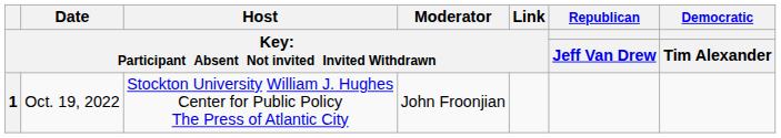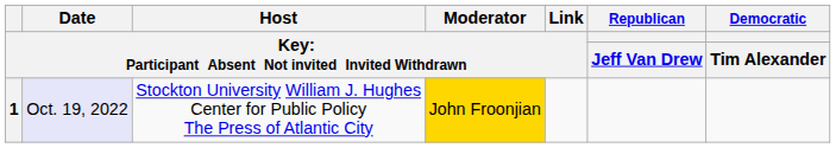 <table class="wikitable" style="text-align:center;">
 <tr>
 <th scope="col"></th>
 <th scope="col">Date</th>
 <th scope="col">Host</th>
 <th scope="col">Moderator</th>
 <th scope="col">Link</th>
 <th scope="col"><small><a href='#'>Republican</a></small></th>
 <th scope="col"><small><a href='#'>Democratic</a></small></th>
 </tr>
 <tr>
 <th colspan="5" rowspan="2">Key:<br> <small>Participant </small>  <small>Absent </small>  <small>Not invited </small>  <small>Invited  Withdrawn</small></th>
 <th scope="col" style="background:"></th>
 <th scope="col" style="background:"></th>
 </tr>
 <tr>
 <th scope="col"><a href='#'>Jeff Van Drew</a></th>
 <th scope="col">Tim Alexander</th>
 </tr>
 <tr>
 <th>1</th>
-<td style="white-space:nowrap;">Oct. 19, 2022</td>
+<td style="background: lavender; white-space:nowrap;">Oct. 19, 2022</td>
 <td style="white-space:nowrap;"><a href='#'>Stockton University</a> <a href='#'>William J. Hughes</a><br>Center for Public Policy<br><a href='#'>The Press of Atlantic City</a></td>
-<td style="white-space:nowrap;">John Froonjian</td>
+<td style="background: gold; white-space:nowrap;">John Froonjian</td>
 <td style="white-space:nowrap;"></td>
 <td></td>
 <td></td>
 </tr>
 </table>
